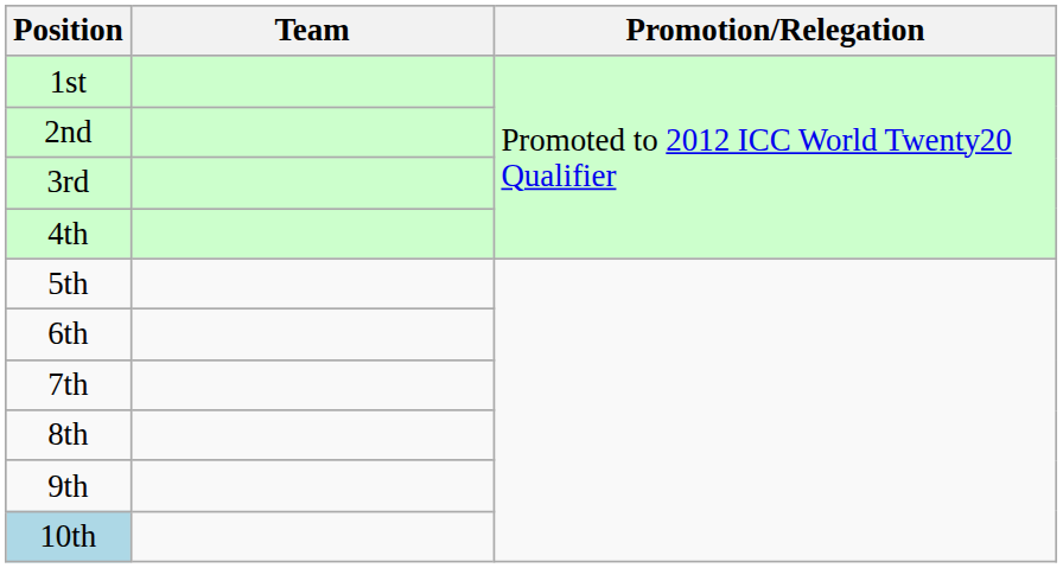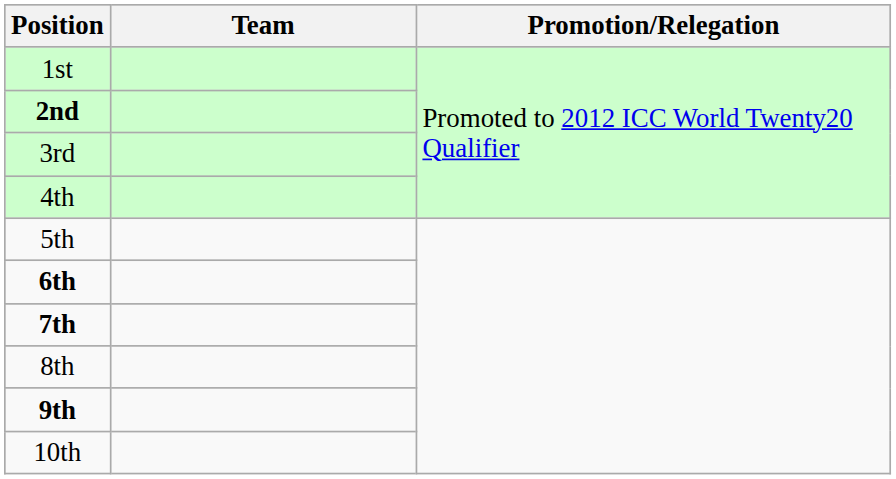 <table class="wikitable">
 <tr>
 <th width=50>Position</th>
 <th width=175>Team</th>
 <th width=275>Promotion/Relegation</th>
 </tr>
 <tr style="background:#cfc;">
 <td style="text-align:center;">1st</td>
 <td></td>
 <td rowspan=4>Promoted to <a href='#'>2012 ICC World Twenty20 Qualifier</a></td>
 </tr>
 <tr style="background:#cfc;">
-<td style="text-align:center;">2nd</td>
+<td style="text-align:center;"><strong>2nd</strong></td>
 <td></td>
 </tr>
 <tr style="background:#cfc;">
 <td style="text-align:center;">3rd</td>
 <td></td>
 </tr>
 <tr style="background:#cfc;">
 <td style="text-align:center;">4th</td>
 <td></td>
 </tr>
 <tr>
 <td style="text-align:center;">5th</td>
 <td></td>
 <td rowspan=6></td>
 </tr>
 <tr>
-<td style="text-align:center;">6th</td>
+<td style="text-align:center;"><strong>6th</strong></td>
 <td></td>
 </tr>
 <tr>
-<td style="text-align:center;">7th</td>
+<td style="text-align:center;"><strong>7th</strong></td>
 <td></td>
 </tr>
 <tr>
 <td style="text-align:center;">8th</td>
 <td></td>
 </tr>
 <tr>
-<td style="text-align:center;">9th</td>
+<td style="text-align:center;"><strong>9th</strong></td>
 <td></td>
 </tr>
 <tr>
-<td style="background: lightblue; text-align:center;">10th</td>
+<td style="text-align:center;">10th</td>
 <td></td>
 </tr>
 </table>
